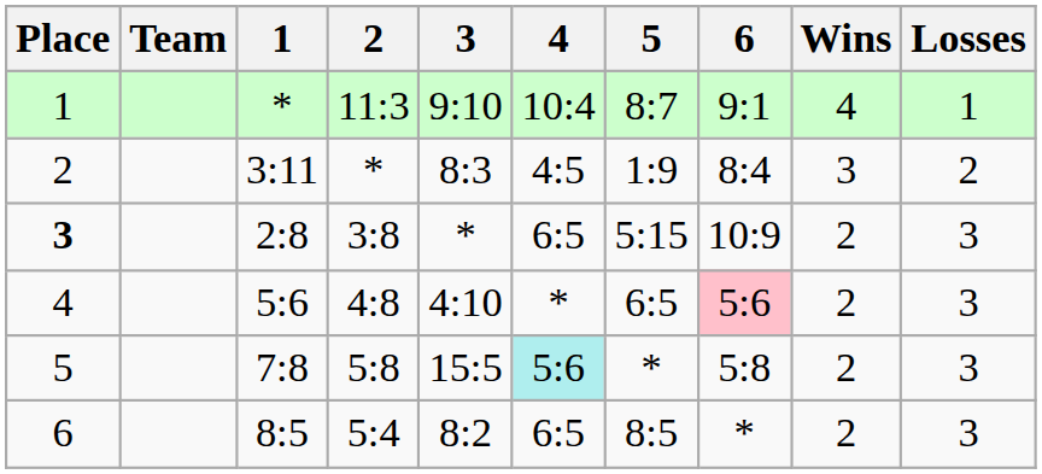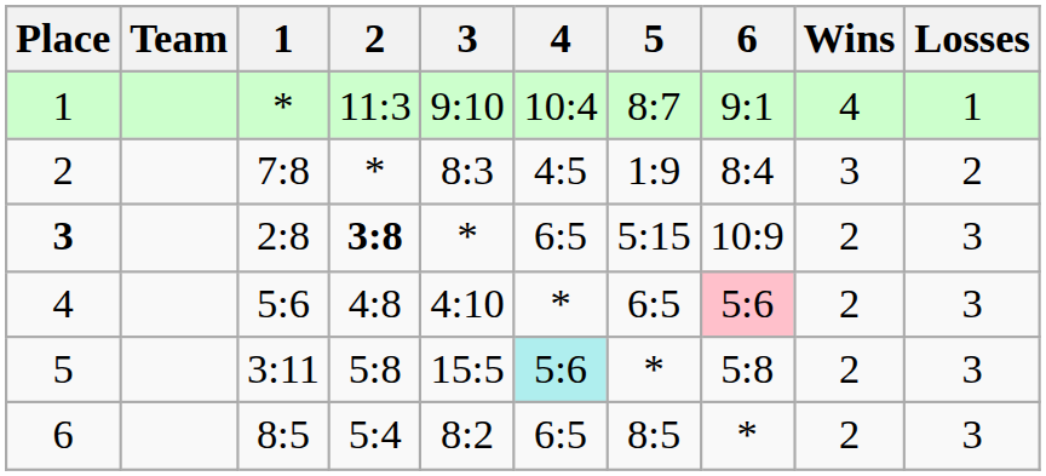 <table class="wikitable" style="text-align:center;">
 <tr>
 <th>Place</th>
 <th>Team</th>
 <th width="25">1</th>
 <th width="25">2</th>
 <th width="25">3</th>
 <th width="25">4</th>
 <th width="25">5</th>
 <th width="25">6</th>
 <th>Wins</th>
 <th>Losses</th>
 </tr>
 <tr bgcolor=#cfc>
 <td>1</td>
 <td align=left></td>
 <td>*</td>
 <td>11:3</td>
 <td>9:10</td>
 <td>10:4</td>
 <td>8:7</td>
 <td>9:1</td>
 <td>4</td>
 <td>1</td>
 </tr>
 <tr>
 <td>2</td>
 <td align=left></td>
-<td>3:11</td>
+<td>7:8</td>
 <td>*</td>
 <td>8:3</td>
 <td>4:5</td>
 <td>1:9</td>
 <td>8:4</td>
 <td>3</td>
 <td>2</td>
 </tr>
 <tr>
 <td><strong>3</strong></td>
 <td align=left></td>
 <td>2:8</td>
-<td>3:8</td>
+<td><strong>3:8</strong></td>
 <td>*</td>
 <td>6:5</td>
 <td>5:15</td>
 <td>10:9</td>
 <td>2</td>
 <td>3</td>
 </tr>
 <tr>
 <td>4</td>
 <td align=left></td>
 <td>5:6</td>
 <td>4:8</td>
 <td>4:10</td>
 <td>*</td>
 <td>6:5</td>
 <td style="background: pink;">5:6</td>
 <td>2</td>
 <td>3</td>
 </tr>
 <tr>
 <td>5</td>
 <td align=left></td>
-<td>7:8</td>
+<td>3:11</td>
 <td>5:8</td>
 <td>15:5</td>
 <td style="background: paleturquoise;">5:6</td>
 <td>*</td>
 <td>5:8</td>
 <td>2</td>
 <td>3</td>
 </tr>
 <tr>
 <td>6</td>
 <td align=left></td>
 <td>8:5</td>
 <td>5:4</td>
 <td>8:2</td>
 <td>6:5</td>
 <td>8:5</td>
 <td>*</td>
 <td>2</td>
 <td>3</td>
 </tr>
 </table>
